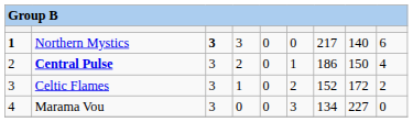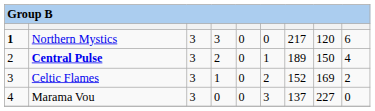 <table class="wikitable collapsible" border="1">
 <tr>
 <td colspan=11 style="background-color:#ABCDEF"><strong>Group B</strong></td>
 </tr>
 <tr>
 <th width="25"></th>
 <th width="200"></th>
 <th width="25"></th>
 <th width="25"></th>
 <th width="25"></th>
 <th width="25"></th>
 <th width="30"></th>
 <th width="30"></th>
 <th width="30"></th>
 </tr>
 <tr style="background:#">
 <td><strong>1</strong></td>
 <td style="text-align:left"> <a href='#'>Northern Mystics</a></td>
-<td><strong>3</strong></td>
+<td>3</td>
 <td>3</td>
 <td>0</td>
 <td>0</td>
 <td>217</td>
-<td>140</td>
+<td>120</td>
 <td>6</td>
 </tr>
 <tr style="background:#">
 <td>2</td>
 <td style="text-align:left"> <strong><a href='#'>Central Pulse</a></strong></td>
 <td>3</td>
 <td>2</td>
 <td>0</td>
 <td>1</td>
-<td>186</td>
+<td>189</td>
 <td>150</td>
 <td>4</td>
 </tr>
 <tr style="background:#">
 <td>3</td>
 <td style="text-align:left"> <a href='#'>Celtic Flames</a></td>
 <td>3</td>
 <td>1</td>
 <td>0</td>
 <td>2</td>
 <td>152</td>
-<td>172</td>
+<td>169</td>
 <td>2</td>
 </tr>
 <tr style="background:#">
 <td>4</td>
 <td style="text-align:left"> Marama Vou</td>
 <td>3</td>
 <td>0</td>
 <td>0</td>
 <td>3</td>
-<td>134</td>
+<td>137</td>
 <td>227</td>
 <td>0</td>
 </tr>
 <tr>
 </tr>
 </table>
